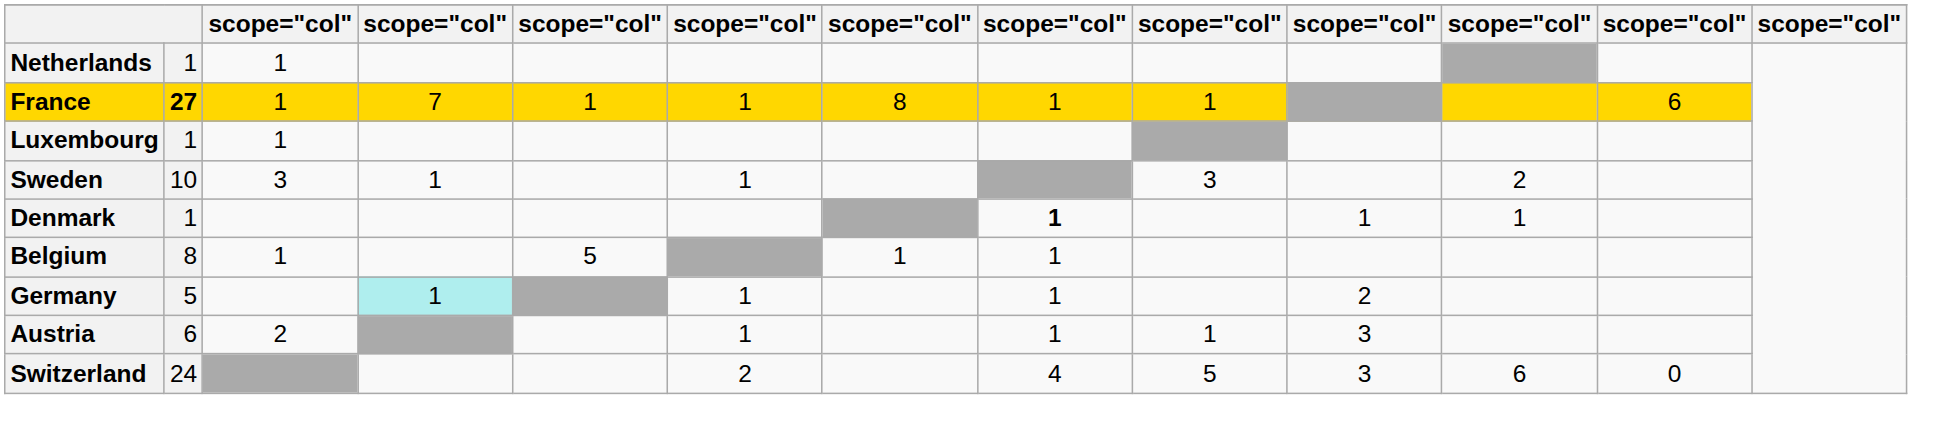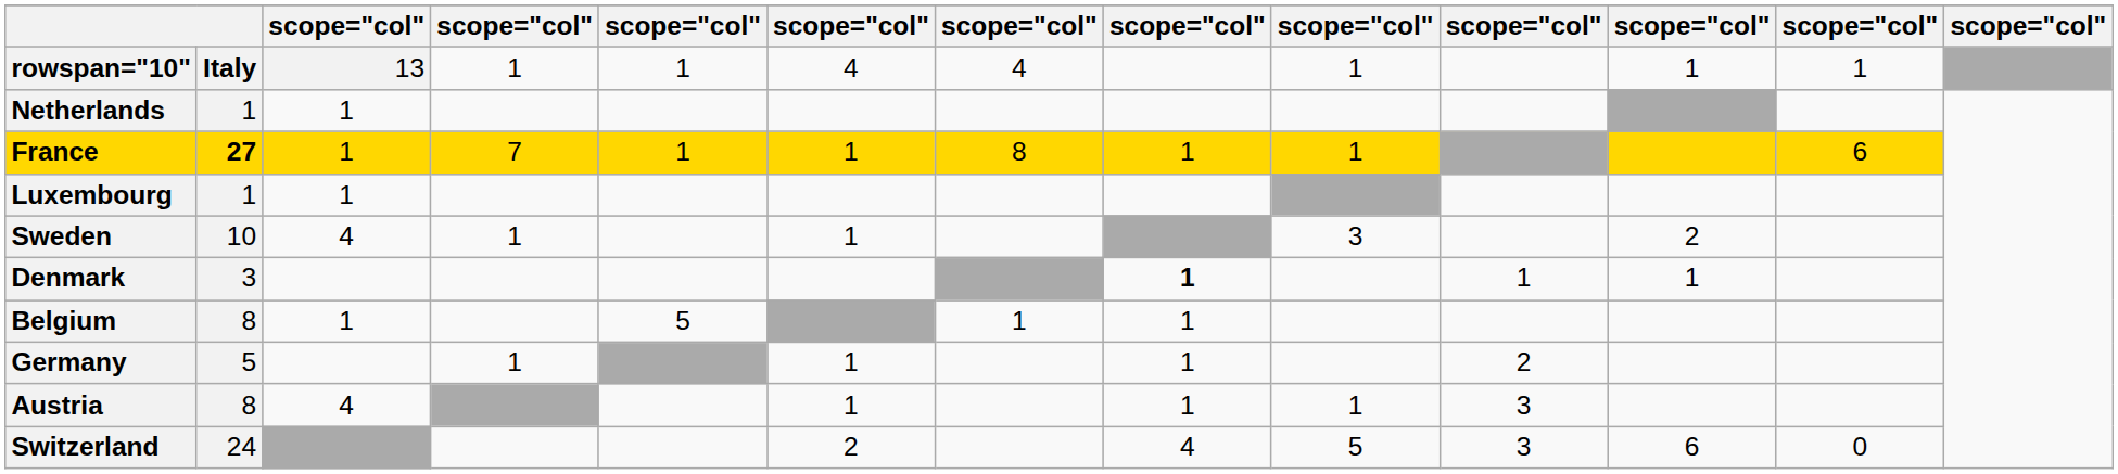 <table class="wikitable plainrowheaders" style="text-align:center;">
 <tr>
 </tr>
 <tr>
 <th colspan="2"></th>
 <th>scope="col" </th>
 <th>scope="col" </th>
 <th>scope="col" </th>
 <th>scope="col" </th>
 <th>scope="col" </th>
 <th>scope="col" </th>
 <th>scope="col" </th>
 <th>scope="col" </th>
 <th>scope="col" </th>
 <th>scope="col" </th>
 <th>scope="col" </th>
+</tr>
+<tr>
+<th>rowspan="10" </th>
+<th scope="row" style="text-align:left; background:#f2f2f2;">Italy</th>
+<td style="text-align:right; background:#f2f2f2;">13</td>
+<td>1</td>
+<td>1</td>
+<td>4</td>
+<td>4</td>
+<td></td>
+<td>1</td>
+<td></td>
+<td>1</td>
+<td>1</td>
+<td style="text-align:left; background:#aaa;"></td>
 </tr>
 <tr>
 <th scope="row" style="text-align:left; background:#f2f2f2;">Netherlands</th>
 <td style="text-align:right; background:#f2f2f2;">1</td>
 <td>1</td>
 <td></td>
 <td></td>
 <td></td>
 <td></td>
 <td></td>
 <td></td>
 <td></td>
 <td style="text-align:left; background:#aaa;"></td>
 <td></td>
 </tr>
 <tr style="background:gold;">
 <th scope="row" style="text-align:left; font-weight:bold; background:gold;">France</th>
 <td style="text-align:right; font-weight:bold;">27</td>
 <td>1</td>
 <td>7</td>
 <td>1</td>
 <td>1</td>
 <td>8</td>
 <td>1</td>
 <td>1</td>
 <td style="text-align:left; background:#aaa;"></td>
 <td></td>
 <td>6</td>
 </tr>
 <tr>
 <th scope="row" style="text-align:left; background:#f2f2f2;">Luxembourg</th>
 <td style="text-align:right; background:#f2f2f2;">1</td>
 <td>1</td>
 <td></td>
 <td></td>
 <td></td>
 <td></td>
 <td></td>
 <td style="text-align:left; background:#aaa;"></td>
 <td></td>
 <td></td>
 <td></td>
 </tr>
 <tr>
 <th scope="row" style="text-align:left; background:#f2f2f2;">Sweden</th>
 <td style="text-align:right; background:#f2f2f2;">10</td>
-<td>3</td>
+<td>4</td>
 <td>1</td>
 <td></td>
 <td>1</td>
 <td></td>
 <td style="text-align:left; background:#aaa;"></td>
 <td>3</td>
 <td></td>
 <td>2</td>
 <td></td>
 </tr>
 <tr>
 <th scope="row" style="text-align:left; background:#f2f2f2;">Denmark</th>
-<td style="text-align:right; background:#f2f2f2;">1</td>
+<td style="text-align:right; background:#f2f2f2;">3</td>
 <td></td>
 <td></td>
 <td></td>
 <td></td>
 <td style="text-align:left; background:#aaa;"></td>
 <td><strong>1</strong></td>
 <td></td>
 <td>1</td>
 <td>1</td>
 <td></td>
 </tr>
 <tr>
 <th scope="row" style="text-align:left; background:#f2f2f2;">Belgium</th>
 <td style="text-align:right; background:#f2f2f2;">8</td>
 <td>1</td>
 <td></td>
 <td>5</td>
 <td style="text-align:left; background:#aaa;"></td>
 <td>1</td>
 <td>1</td>
 <td></td>
 <td></td>
 <td></td>
 <td></td>
 </tr>
 <tr>
 <th scope="row" style="text-align:left; background:#f2f2f2;">Germany</th>
 <td style="text-align:right; background:#f2f2f2;">5</td>
 <td></td>
-<td style="background: paleturquoise;">1</td>
+<td>1</td>
 <td style="text-align:left; background:#aaa;"></td>
 <td>1</td>
 <td></td>
 <td>1</td>
 <td></td>
 <td>2</td>
 <td></td>
 <td></td>
 </tr>
 <tr>
 <th scope="row" style="text-align:left; background:#f2f2f2;">Austria</th>
-<td style="text-align:right; background:#f2f2f2;">6</td>
-<td>2</td>
+<td style="text-align:right; background:#f2f2f2;">8</td>
+<td>4</td>
 <td style="text-align:left; background:#aaa;"></td>
 <td></td>
 <td>1</td>
 <td></td>
 <td>1</td>
 <td>1</td>
 <td>3</td>
 <td></td>
 <td></td>
 </tr>
 <tr>
 <th scope="row" style="text-align:left; background:#f2f2f2;">Switzerland</th>
 <td style="text-align:right; background:#f2f2f2;">24</td>
 <td style="text-align:left; background:#aaa;"></td>
 <td></td>
 <td></td>
 <td>2</td>
 <td></td>
 <td>4</td>
 <td>5</td>
 <td>3</td>
 <td>6</td>
 <td>0</td>
 </tr>
 </table>
